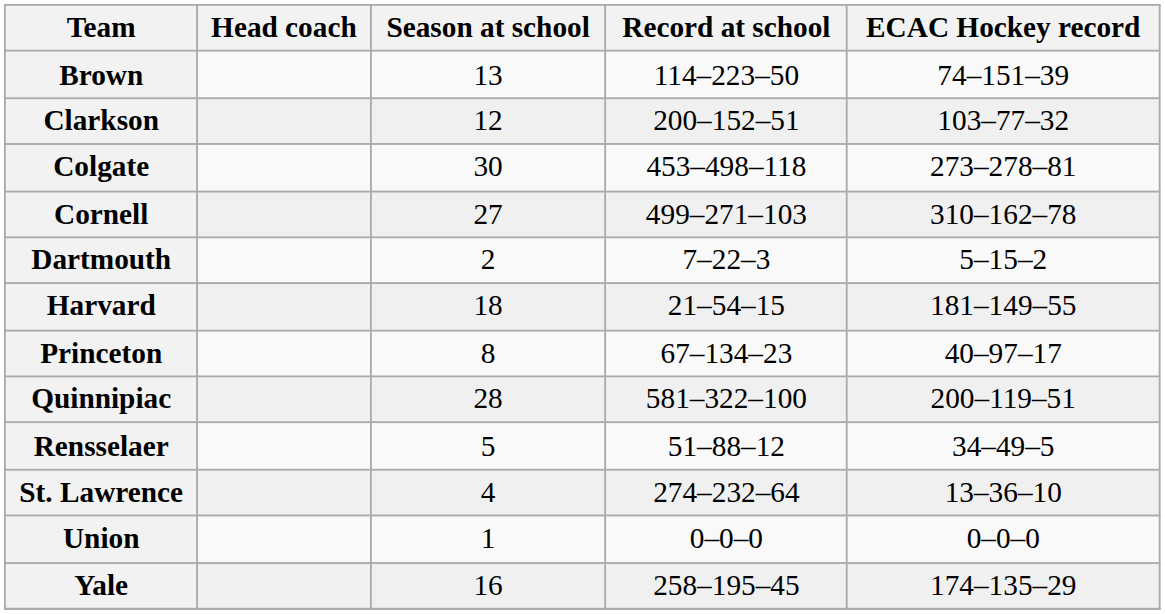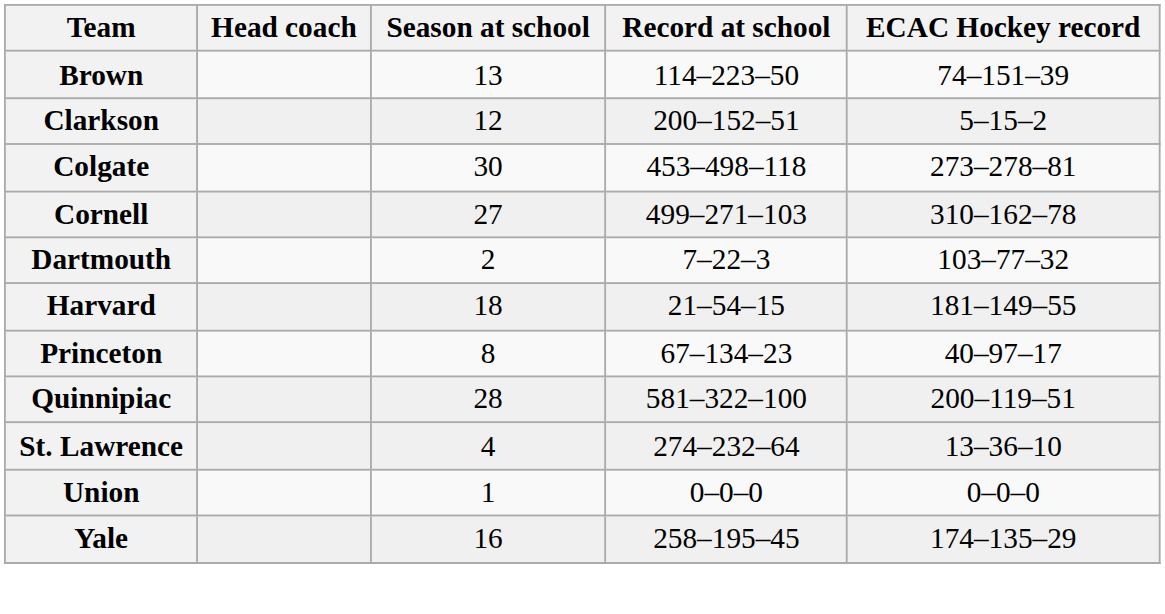 <table class="wikitable sortable" style="text-align: center; "width=50%">
 <tr>
 <th>Team</th>
 <th>Head coach</th>
 <th>Season at school</th>
 <th>Record at school</th>
 <th>ECAC Hockey record</th>
 </tr>
 <tr>
 <th>Brown</th>
 <td></td>
 <td>13</td>
 <td>114–223–50</td>
 <td>74–151–39</td>
 </tr>
 <tr bgcolor=f0f0f0>
 <th>Clarkson</th>
 <td></td>
 <td>12</td>
 <td>200–152–51</td>
-<td>103–77–32</td>
+<td>5–15–2</td>
 </tr>
 <tr>
 <th>Colgate</th>
 <td></td>
 <td>30</td>
 <td>453–498–118</td>
 <td>273–278–81</td>
 </tr>
 <tr bgcolor=f0f0f0>
 <th>Cornell</th>
 <td></td>
 <td>27</td>
 <td>499–271–103</td>
 <td>310–162–78</td>
 </tr>
 <tr>
 <th>Dartmouth</th>
 <td></td>
 <td>2</td>
 <td>7–22–3</td>
-<td>5–15–2</td>
+<td>103–77–32</td>
 </tr>
 <tr bgcolor=f0f0f0>
 <th>Harvard</th>
 <td></td>
 <td>18</td>
 <td>21–54–15</td>
 <td>181–149–55</td>
 </tr>
 <tr>
 <th>Princeton</th>
 <td></td>
 <td>8</td>
 <td>67–134–23</td>
 <td>40–97–17</td>
 </tr>
 <tr bgcolor=f0f0f0>
 <th>Quinnipiac</th>
 <td></td>
 <td>28</td>
 <td>581–322–100</td>
 <td>200–119–51</td>
-</tr>
-<tr>
-<th>Rensselaer</th>
-<td></td>
-<td>5</td>
-<td>51–88–12</td>
-<td>34–49–5</td>
 </tr>
 <tr bgcolor=f0f0f0>
 <th>St. Lawrence</th>
 <td></td>
 <td>4</td>
 <td>274–232–64</td>
 <td>13–36–10</td>
 </tr>
 <tr>
 <th>Union</th>
 <td></td>
 <td>1</td>
 <td>0–0–0</td>
 <td>0–0–0</td>
 </tr>
 <tr bgcolor=f0f0f0>
 <th>Yale</th>
 <td></td>
 <td>16</td>
 <td>258–195–45</td>
 <td>174–135–29</td>
 </tr>
 <tr>
 </tr>
 </table>
